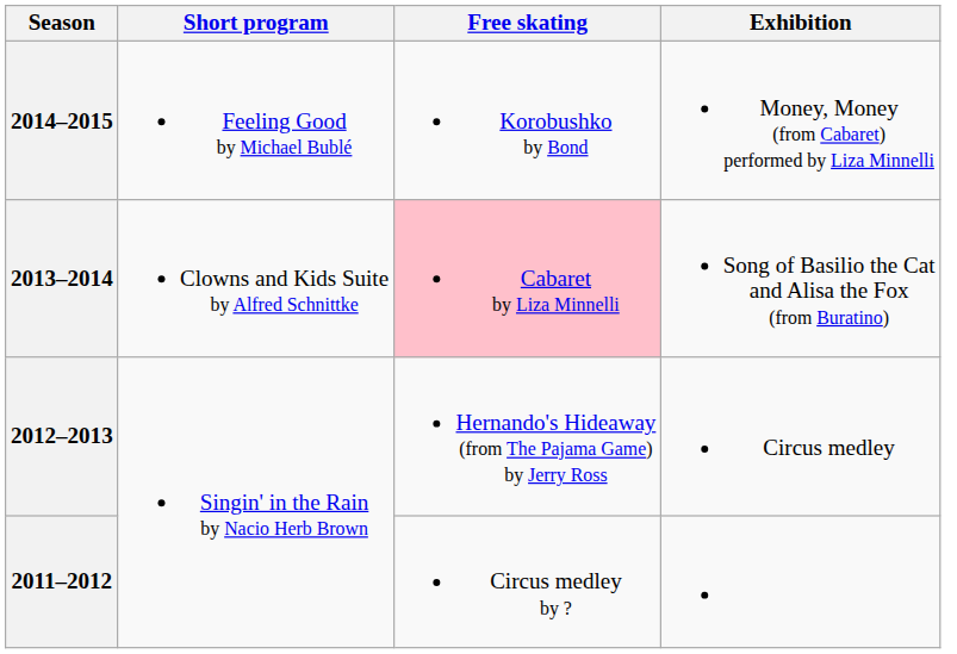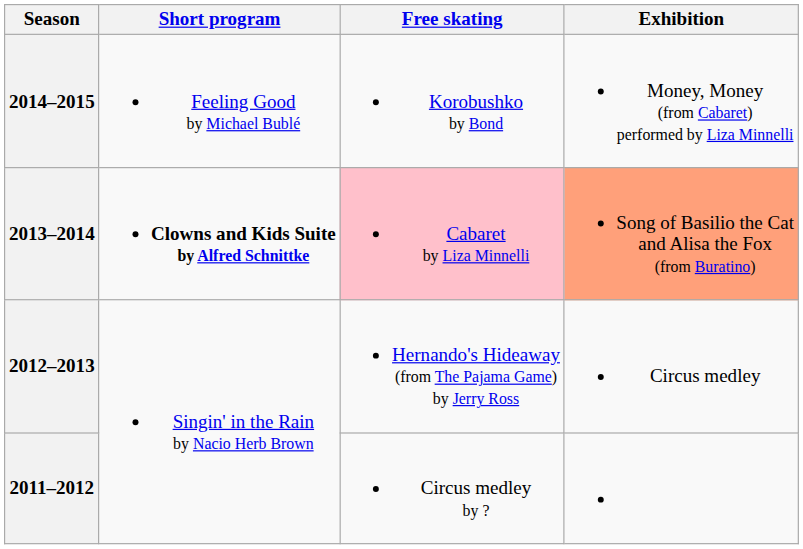 <table class="wikitable" style="text-align:center">
 <tr>
 <th>Season</th>
 <th><a href='#'>Short program</a></th>
 <th><a href='#'>Free skating</a></th>
 <th>Exhibition</th>
 </tr>
 <tr>
 <th>2014–2015 <br> </th>
 <td><br><ul><li><a href='#'>Feeling Good</a> <br><small> by <a href='#'>Michael Bublé</a> </small></li></ul></td>
 <td><br><ul><li><a href='#'>Korobushko</a> <br><small> by <a href='#'>Bond</a> </small></li></ul></td>
 <td><br><ul><li>Money, Money <br><small> (from <a href='#'>Cabaret</a>) <br> performed by <a href='#'>Liza Minnelli</a> </small></li></ul></td>
 </tr>
 <tr>
 <th>2013–2014 <br> </th>
-<td><br><ul><li>Clowns and Kids Suite <br><small> by <a href='#'>Alfred Schnittke</a> </small></li></ul></td>
+<td><strong><br><ul><li>Clowns and Kids Suite <br><small> by <a href='#'>Alfred Schnittke</a> </small></li></ul></strong></td>
 <td style="background: pink;"><br><ul><li><a href='#'>Cabaret</a> <br><small> by <a href='#'>Liza Minnelli</a> </small></li></ul></td>
-<td><br><ul><li>Song of Basilio the Cat<br> and Alisa the Fox <br><small> (from <a href='#'>Buratino</a>) </small></li></ul></td>
+<td style="background: lightsalmon;"><br><ul><li>Song of Basilio the Cat<br> and Alisa the Fox <br><small> (from <a href='#'>Buratino</a>) </small></li></ul></td>
 </tr>
 <tr>
 <th>2012–2013 <br> </th>
 <td rowspan=2><br><ul><li><a href='#'>Singin' in the Rain</a> <br><small> by <a href='#'>Nacio Herb Brown</a> </small></li></ul></td>
 <td><br><ul><li><a href='#'>Hernando's Hideaway</a> <br><small> (from <a href='#'>The Pajama Game</a>) <br> by <a href='#'>Jerry Ross</a> </small></li></ul></td>
 <td><br><ul><li>Circus medley</li></ul></td>
 </tr>
 <tr>
 <th>2011–2012</th>
 <td><br><ul><li>Circus medley <br><small> by ? </small></li></ul></td>
 <td><br><ul><li></li></ul></td>
 </tr>
 </table>
